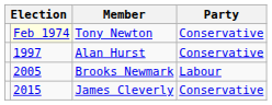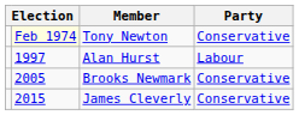 <table class="wikitable">
 <tr>
 <th colspan="2">Election</th>
 <th>Member</th>
 <th>Party</th>
 </tr>
 <tr>
 <td style="color:inherit;background-color: "></td>
 <td style="background: lightyellow;"><a href='#'>Feb 1974</a></td>
 <td><a href='#'>Tony Newton</a></td>
 <td><a href='#'>Conservative</a></td>
 </tr>
 <tr>
 <td style="color:inherit;background-color: "></td>
 <td><a href='#'>1997</a></td>
 <td><a href='#'>Alan Hurst</a></td>
-<td><a href='#'>Conservative</a></td>
+<td><a href='#'>Labour</a></td>
 </tr>
 <tr>
 <td style="color:inherit;background-color: "></td>
 <td><a href='#'>2005</a></td>
 <td><a href='#'>Brooks Newmark</a></td>
-<td><a href='#'>Labour</a></td>
+<td><a href='#'>Conservative</a></td>
 </tr>
 <tr>
 <td style="color:inherit;background-color: "></td>
 <td><a href='#'>2015</a></td>
 <td><a href='#'>James Cleverly</a></td>
 <td><a href='#'>Conservative</a></td>
 </tr>
 </table>
